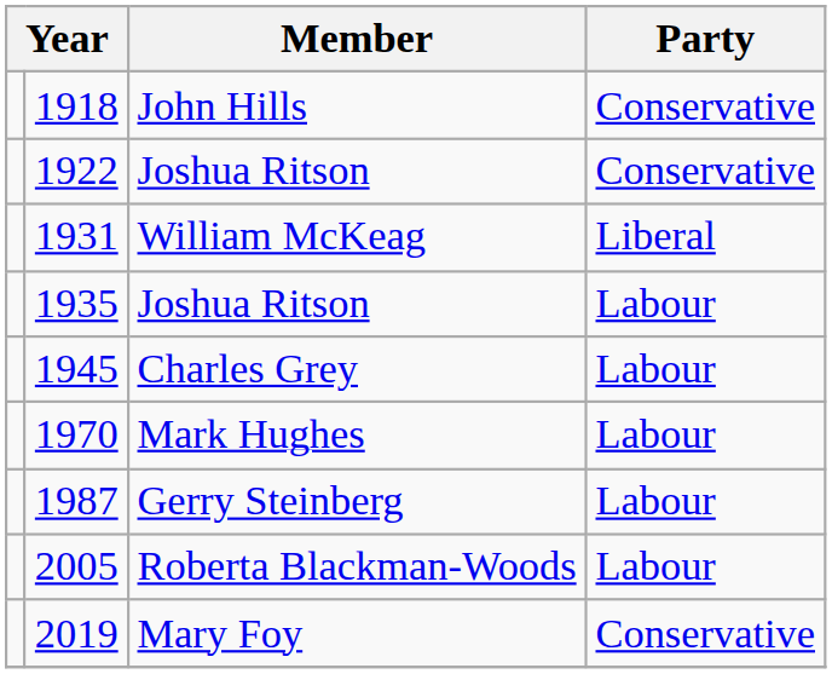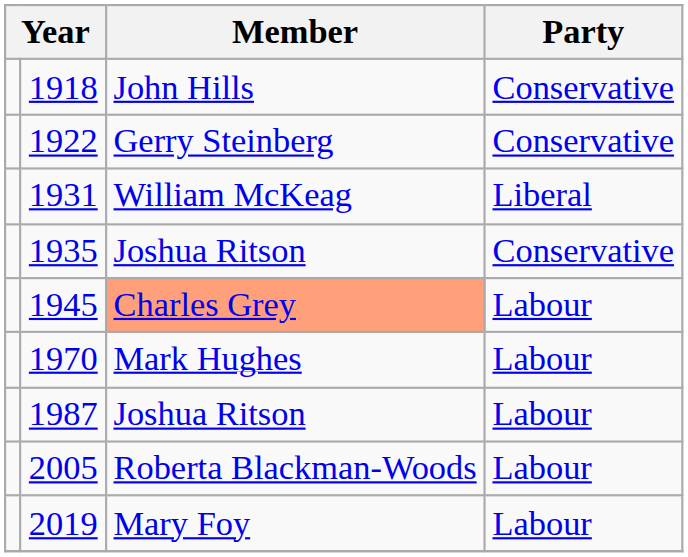 <table class="wikitable">
 <tr>
 <th colspan="2">Year</th>
 <th>Member</th>
 <th>Party</th>
 </tr>
 <tr>
 <td style="color:inherit;background-color: "></td>
 <td><a href='#'>1918</a></td>
 <td><a href='#'>John Hills</a></td>
 <td><a href='#'>Conservative</a></td>
 </tr>
 <tr>
 <td style="color:inherit;background-color: "></td>
 <td><a href='#'>1922</a></td>
-<td><a href='#'>Joshua Ritson</a></td>
+<td><a href='#'>Gerry Steinberg</a></td>
 <td><a href='#'>Conservative</a></td>
 </tr>
 <tr>
 <td style="color:inherit;background-color: "></td>
 <td><a href='#'>1931</a></td>
 <td><a href='#'>William McKeag</a></td>
 <td><a href='#'>Liberal</a></td>
 </tr>
 <tr>
 <td style="color:inherit;background-color: "></td>
 <td><a href='#'>1935</a></td>
 <td><a href='#'>Joshua Ritson</a></td>
-<td><a href='#'>Labour</a></td>
+<td><a href='#'>Conservative</a></td>
 </tr>
 <tr>
 <td style="color:inherit;background-color: "></td>
 <td><a href='#'>1945</a></td>
-<td><a href='#'>Charles Grey</a></td>
+<td style="background: lightsalmon;"><a href='#'>Charles Grey</a></td>
 <td><a href='#'>Labour</a></td>
 </tr>
 <tr>
 <td style="color:inherit;background-color: "></td>
 <td><a href='#'>1970</a></td>
 <td><a href='#'>Mark Hughes</a></td>
 <td><a href='#'>Labour</a></td>
 </tr>
 <tr>
 <td style="color:inherit;background-color: "></td>
 <td><a href='#'>1987</a></td>
-<td><a href='#'>Gerry Steinberg</a></td>
+<td><a href='#'>Joshua Ritson</a></td>
 <td><a href='#'>Labour</a></td>
 </tr>
 <tr>
 <td style="color:inherit;background-color: "></td>
 <td><a href='#'>2005</a></td>
 <td><a href='#'>Roberta Blackman-Woods</a></td>
 <td><a href='#'>Labour</a></td>
 </tr>
 <tr>
 <td style="color:inherit;background-color: "></td>
 <td><a href='#'>2019</a></td>
 <td><a href='#'>Mary Foy</a></td>
-<td><a href='#'>Conservative</a></td>
+<td><a href='#'>Labour</a></td>
 </tr>
 <tr>
 </tr>
 </table>
